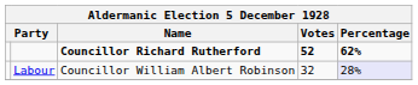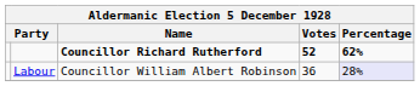 <table class="wikitable">
 <tr>
 <th colspan="5"><strong>Aldermanic Election 5 December 1928</strong></th>
 </tr>
 <tr>
 <th colspan="2">Party</th>
 <th>Name</th>
 <th>Votes</th>
 <th>Percentage</th>
 </tr>
 <tr>
 <td style="background-color: "></td>
 <td></td>
 <td><strong>Councillor Richard Rutherford</strong></td>
 <td><strong>52</strong></td>
 <td><strong>62%</strong></td>
 </tr>
 <tr>
 <td style="background-color:"></td>
 <td><a href='#'>Labour</a></td>
 <td>Councillor William Albert Robinson</td>
-<td>32</td>
+<td>36</td>
 <td style="background: lavender;">28%</td>
 </tr>
 <tr>
 </tr>
 </table>
